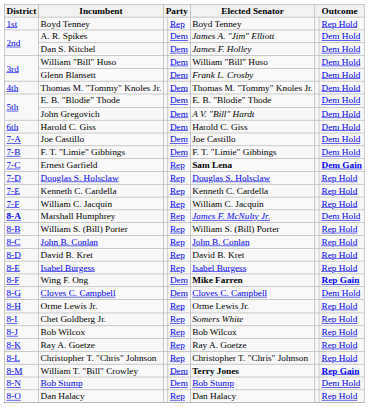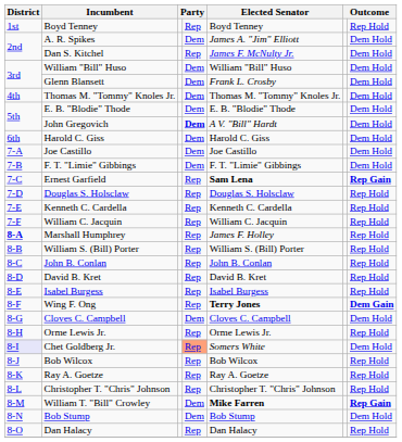 <table class="sortable wikitable" style="font-size:95%;line-height:14px;">
 <tr>
 <th>District</th>
 <th>Incumbent</th>
 <th colspan="2">Party</th>
 <th>Elected Senator</th>
 <th colspan="2">Outcome</th>
 </tr>
 <tr>
 <td><a href='#'>1st</a></td>
 <td>Boyd Tenney</td>
 <td style="background:"></td>
 <td><a href='#'>Rep</a></td>
 <td>Boyd Tenney</td>
 <td style="background:"></td>
 <td><a href='#'>Rep Hold</a></td>
 </tr>
 <tr>
 <td rowspan="2"><a href='#'>2nd</a></td>
 <td>A. R. Spikes</td>
 <td style="background:"></td>
 <td><a href='#'>Dem</a></td>
 <td><em>James A. "Jim" Elliott</em></td>
 <td style="background:"></td>
 <td><a href='#'>Dem Hold</a></td>
 </tr>
 <tr>
 <td>Dan S. Kitchel</td>
 <td style="background:"></td>
-<td><a href='#'>Dem</a></td>
-<td><em>James F. Holley</em></td>
+<td><a href='#'>Rep</a></td>
+<td><em><a href='#'>James F. McNulty Jr.</a></em></td>
 <td style="background:"></td>
 <td><a href='#'>Dem Hold</a></td>
 </tr>
 <tr>
 <td rowspan="2"><a href='#'>3rd</a></td>
 <td>William "Bill" Huso</td>
 <td style="background:"></td>
 <td><a href='#'>Dem</a></td>
 <td>William "Bill" Huso</td>
 <td style="background:"></td>
 <td><a href='#'>Dem Hold</a></td>
 </tr>
 <tr>
 <td>Glenn Blansett</td>
 <td style="background:"></td>
 <td><a href='#'>Dem</a></td>
 <td><em>Frank L. Crosby</em></td>
 <td style="background:"></td>
 <td><a href='#'>Dem Hold</a></td>
 </tr>
 <tr>
 <td><a href='#'>4th</a></td>
 <td>Thomas M. "Tommy" Knoles Jr.</td>
 <td style="background:"></td>
 <td><a href='#'>Dem</a></td>
 <td>Thomas M. "Tommy" Knoles Jr.</td>
 <td style="background:"></td>
 <td><a href='#'>Dem Hold</a></td>
 </tr>
 <tr>
 <td rowspan="2"><a href='#'>5th</a></td>
 <td>E. B. "Blodie" Thode</td>
 <td style="background:"></td>
 <td><a href='#'>Dem</a></td>
 <td>E. B. "Blodie" Thode</td>
 <td style="background:"></td>
 <td><a href='#'>Dem Hold</a></td>
 </tr>
 <tr>
 <td>John Gregovich</td>
 <td style="background:"></td>
-<td><a href='#'>Dem</a></td>
+<td><strong><a href='#'>Dem</a></strong></td>
 <td><em>A V. "Bill" Hardt</em></td>
 <td style="background:"></td>
 <td><a href='#'>Dem Hold</a></td>
 </tr>
 <tr>
 <td><a href='#'>6th</a></td>
 <td>Harold C. Giss</td>
 <td style="background:"></td>
 <td><a href='#'>Dem</a></td>
 <td>Harold C. Giss</td>
 <td style="background:"></td>
 <td><a href='#'>Dem Hold</a></td>
 </tr>
 <tr>
 <td><a href='#'>7-A</a></td>
 <td>Joe Castillo</td>
 <td style="background:"></td>
 <td><a href='#'>Dem</a></td>
 <td>Joe Castillo</td>
 <td style="background:"></td>
 <td><a href='#'>Dem Hold</a></td>
 </tr>
 <tr>
 <td><a href='#'>7-B</a></td>
 <td>F. T. "Limie" Gibbings</td>
 <td style="background:"></td>
 <td><a href='#'>Dem</a></td>
 <td>F. T. "Limie" Gibbings</td>
 <td style="background:"></td>
 <td><a href='#'>Dem Hold</a></td>
 </tr>
 <tr>
 <td><a href='#'>7-C</a></td>
 <td>Ernest Garfield</td>
 <td style="background:"></td>
 <td><a href='#'>Rep</a></td>
 <td><strong>Sam Lena</strong></td>
 <td style="background:"></td>
-<td><strong><a href='#'>Dem Gain</a></strong></td>
+<td><strong><a href='#'>Rep Gain</a></strong></td>
 </tr>
 <tr>
 <td><a href='#'>7-D</a></td>
 <td><a href='#'>Douglas S. Holsclaw</a></td>
 <td style="background:"></td>
 <td><a href='#'>Rep</a></td>
 <td><a href='#'>Douglas S. Holsclaw</a></td>
 <td style="background:"></td>
 <td><a href='#'>Rep Hold</a></td>
 </tr>
 <tr>
 <td><a href='#'>7-E</a></td>
 <td>Kenneth C. Cardella</td>
 <td style="background:"></td>
 <td><a href='#'>Rep</a></td>
 <td>Kenneth C. Cardella</td>
 <td style="background:"></td>
 <td><a href='#'>Rep Hold</a></td>
 </tr>
 <tr>
 <td><a href='#'>7-F</a></td>
 <td>William C. Jacquin</td>
 <td style="background:"></td>
 <td><a href='#'>Rep</a></td>
 <td>William C. Jacquin</td>
 <td style="background:"></td>
 <td><a href='#'>Rep Hold</a></td>
 </tr>
 <tr>
 <td><strong><a href='#'>8-A</a></strong></td>
 <td>Marshall Humphrey</td>
 <td style="background:"></td>
 <td><a href='#'>Rep</a></td>
-<td><em><a href='#'>James F. McNulty Jr.</a></em></td>
+<td><em>James F. Holley</em></td>
 <td style="background:"></td>
-<td><a href='#'>Dem Hold</a></td>
+<td><a href='#'>Rep Hold</a></td>
 </tr>
 <tr>
 <td><a href='#'>8-B</a></td>
 <td>William S. (Bill) Porter</td>
 <td style="background:"></td>
 <td><a href='#'>Rep</a></td>
 <td>William S. (Bill) Porter</td>
 <td style="background:"></td>
 <td><a href='#'>Rep Hold</a></td>
 </tr>
 <tr>
 <td><a href='#'>8-C</a></td>
 <td><a href='#'>John B. Conlan</a></td>
 <td style="background:"></td>
 <td><a href='#'>Rep</a></td>
 <td><a href='#'>John B. Conlan</a></td>
 <td style="background:"></td>
 <td><a href='#'>Rep Hold</a></td>
 </tr>
 <tr>
 <td><a href='#'>8-D</a></td>
 <td>David B. Kret</td>
 <td style="background:"></td>
 <td><a href='#'>Rep</a></td>
 <td>David B. Kret</td>
 <td style="background:"></td>
 <td><a href='#'>Rep Hold</a></td>
 </tr>
 <tr>
 <td><a href='#'>8-E</a></td>
 <td><a href='#'>Isabel Burgess</a></td>
 <td style="background:"></td>
 <td><a href='#'>Rep</a></td>
 <td><a href='#'>Isabel Burgess</a></td>
 <td style="background:"></td>
 <td><a href='#'>Rep Hold</a></td>
 </tr>
 <tr>
 <td><a href='#'>8-F</a></td>
 <td>Wing F. Ong</td>
 <td style="background:"></td>
-<td><a href='#'>Dem</a></td>
-<td><strong>Mike Farren</strong></td>
+<td><a href='#'>Rep</a></td>
+<td><strong>Terry Jones</strong></td>
 <td style="background:"></td>
-<td><strong><a href='#'>Rep Gain</a></strong></td>
+<td><strong><a href='#'>Dem Gain</a></strong></td>
 </tr>
 <tr>
 <td><a href='#'>8-G</a></td>
 <td><a href='#'>Cloves C. Campbell</a></td>
 <td style="background:"></td>
 <td><a href='#'>Dem</a></td>
 <td><a href='#'>Cloves C. Campbell</a></td>
 <td style="background:"></td>
 <td><a href='#'>Dem Hold</a></td>
 </tr>
 <tr>
 <td><a href='#'>8-H</a></td>
 <td>Orme Lewis Jr.</td>
 <td style="background:"></td>
 <td><a href='#'>Rep</a></td>
 <td>Orme Lewis Jr.</td>
 <td style="background:"></td>
 <td><a href='#'>Rep Hold</a></td>
 </tr>
 <tr>
-<td><a href='#'>8-I</a></td>
+<td style="background: lavender;"><a href='#'>8-I</a></td>
 <td>Chet Goldberg Jr.</td>
 <td style="background:"></td>
-<td><a href='#'>Rep</a></td>
+<td style="background: lightsalmon;"><a href='#'>Rep</a></td>
 <td><em>Somers White</em></td>
 <td style="background:"></td>
-<td><a href='#'>Rep Hold</a></td>
+<td><a href='#'>Dem Hold</a></td>
 </tr>
 <tr>
 <td><a href='#'>8-J</a></td>
 <td>Bob Wilcox</td>
 <td style="background:"></td>
 <td><a href='#'>Rep</a></td>
 <td>Bob Wilcox</td>
 <td style="background:"></td>
 <td><a href='#'>Rep Hold</a></td>
 </tr>
 <tr>
 <td><a href='#'>8-K</a></td>
 <td>Ray A. Goetze</td>
 <td style="background:"></td>
 <td><a href='#'>Rep</a></td>
 <td>Ray A. Goetze</td>
 <td style="background:"></td>
 <td><a href='#'>Rep Hold</a></td>
 </tr>
 <tr>
 <td><a href='#'>8-L</a></td>
 <td>Christopher T. "Chris" Johnson</td>
 <td style="background:"></td>
 <td><a href='#'>Rep</a></td>
 <td>Christopher T. "Chris" Johnson</td>
 <td style="background:"></td>
 <td><a href='#'>Rep Hold</a></td>
 </tr>
 <tr>
 <td><a href='#'>8-M</a></td>
 <td>William T. "Bill" Crowley</td>
 <td style="background:"></td>
 <td><a href='#'>Dem</a></td>
-<td><strong>Terry Jones</strong></td>
+<td><strong>Mike Farren</strong></td>
 <td style="background:"></td>
 <td><strong><a href='#'>Rep Gain</a></strong></td>
 </tr>
 <tr>
 <td><a href='#'>8-N</a></td>
 <td><a href='#'>Bob Stump</a></td>
 <td style="background:"></td>
 <td><a href='#'>Dem</a></td>
 <td><a href='#'>Bob Stump</a></td>
 <td style="background:"></td>
 <td><a href='#'>Dem Hold</a></td>
 </tr>
 <tr>
 <td><a href='#'>8-O</a></td>
 <td>Dan Halacy</td>
 <td style="background:"></td>
 <td><a href='#'>Rep</a></td>
 <td>Dan Halacy</td>
 <td style="background:"></td>
 <td><a href='#'>Rep Hold</a></td>
 </tr>
 <tr>
 </tr>
 </table>
